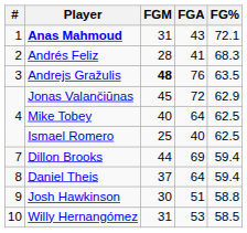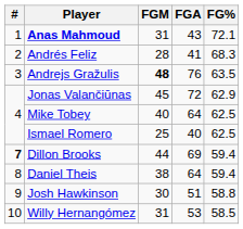 <table class=wikitable style="text-align:right; display:inline-table;">
 <tr>
 <th>#</th>
 <th>Player</th>
 <th>FGM</th>
 <th>FGA</th>
 <th>FG%</th>
 </tr>
 <tr>
 <td>1</td>
 <td align=left> <strong><a href='#'>Anas Mahmoud</a></strong></td>
 <td>31</td>
 <td>43</td>
 <td>72.1</td>
 </tr>
 <tr>
 <td>2</td>
 <td align=left> <a href='#'>Andrés Feliz</a></td>
 <td>28</td>
 <td>41</td>
 <td>68.3</td>
 </tr>
 <tr>
 <td>3</td>
 <td align=left> <a href='#'>Andrejs Gražulis</a></td>
 <td><strong>48</strong></td>
 <td>76</td>
 <td>63.5</td>
 </tr>
 <tr>
 <td rowspan=3>4</td>
 <td align=left> <a href='#'>Jonas Valančiūnas</a></td>
 <td>45</td>
 <td>72</td>
 <td>62.9</td>
 </tr>
 <tr>
 <td align=left> <a href='#'>Mike Tobey</a></td>
 <td>40</td>
 <td>64</td>
 <td>62.5</td>
 </tr>
 <tr>
 <td align=left> <a href='#'>Ismael Romero</a></td>
 <td>25</td>
 <td>40</td>
 <td>62.5</td>
 </tr>
 <tr>
-<td>7</td>
+<td><strong>7</strong></td>
 <td align=left> <a href='#'>Dillon Brooks</a></td>
 <td>44</td>
 <td>69</td>
 <td>59.4</td>
 </tr>
 <tr>
 <td>8</td>
 <td align=left> <a href='#'>Daniel Theis</a></td>
-<td>37</td>
+<td>38</td>
 <td>64</td>
 <td>59.4</td>
 </tr>
 <tr>
 <td>9</td>
 <td align=left> <a href='#'>Josh Hawkinson</a></td>
 <td>30</td>
 <td>51</td>
 <td>58.8</td>
 </tr>
 <tr>
 <td>10</td>
 <td align=left> <a href='#'>Willy Hernangómez</a></td>
 <td>31</td>
 <td>53</td>
 <td>58.5</td>
 </tr>
 </table>
